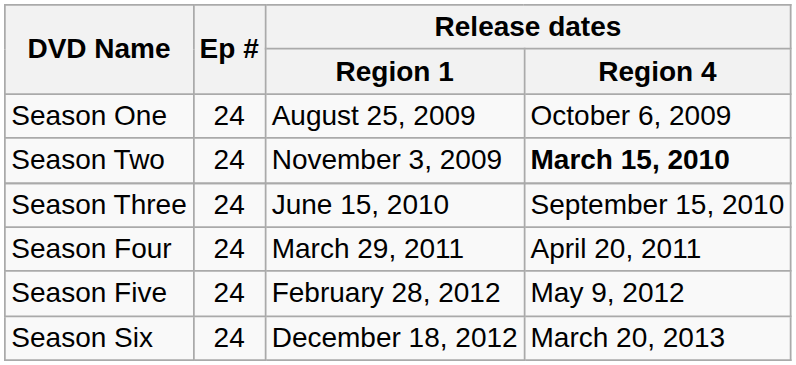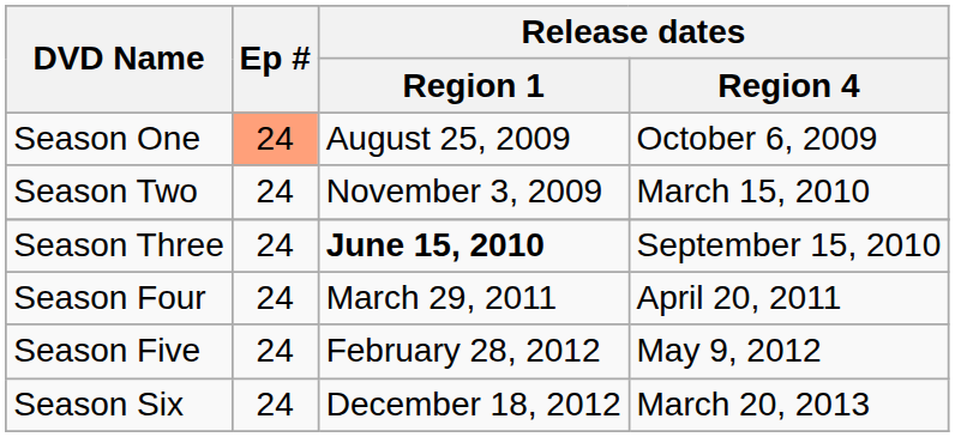 <table class="wikitable">
 <tr>
 <th rowspan="2">DVD Name</th>
 <th rowspan="2">Ep #</th>
 <th colspan="2">Release dates</th>
 </tr>
 <tr>
 <th>Region 1</th>
 <th>Region 4</th>
 </tr>
 <tr>
 <td>Season One</td>
-<td align="center">24</td>
+<td align="center" style="background: lightsalmon;">24</td>
 <td>August 25, 2009</td>
 <td>October 6, 2009</td>
 </tr>
 <tr>
 <td>Season Two</td>
 <td align="center">24</td>
 <td>November 3, 2009</td>
-<td><strong>March 15, 2010</strong></td>
+<td>March 15, 2010</td>
 </tr>
 <tr>
 </tr>
 <tr>
 <td>Season Three</td>
 <td align="center">24</td>
-<td>June 15, 2010</td>
+<td><strong>June 15, 2010</strong></td>
 <td>September 15, 2010</td>
 </tr>
 <tr>
 <td>Season Four</td>
 <td align="center">24</td>
 <td>March 29, 2011</td>
 <td>April 20, 2011</td>
 </tr>
 <tr>
 <td>Season Five</td>
 <td align="center">24</td>
 <td>February 28, 2012</td>
 <td>May 9, 2012</td>
 </tr>
 <tr>
 <td>Season Six</td>
 <td align="center">24</td>
 <td>December 18, 2012</td>
 <td>March 20, 2013</td>
 </tr>
 </table>
